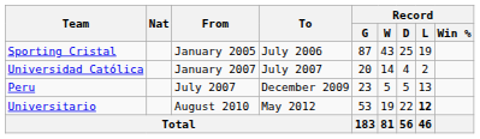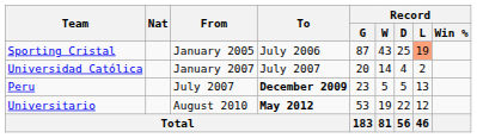 <table class="wikitable" style="text-align: center">
 <tr>
 <th rowspan="2">Team</th>
 <th rowspan="2">Nat</th>
 <th rowspan="2">From</th>
 <th rowspan="2">To</th>
 <th colspan="5">Record</th>
 </tr>
 <tr>
 <th>G</th>
 <th>W</th>
 <th>D</th>
 <th>L</th>
 <th>Win %</th>
 </tr>
 <tr>
 <td align=left><a href='#'>Sporting Cristal</a></td>
 <td></td>
 <td align=left>January 2005</td>
 <td align=left>July 2006</td>
 <td>87</td>
 <td>43</td>
 <td>25</td>
-<td>19</td>
+<td style="background: lightsalmon;">19</td>
 <td></td>
 </tr>
 <tr>
 <td align=left><a href='#'>Universidad Católica</a></td>
 <td></td>
 <td align=left>January 2007</td>
 <td align=left>July 2007</td>
 <td>20</td>
 <td>14</td>
 <td>4</td>
 <td>2</td>
 <td></td>
 </tr>
 <tr>
 <td align=left><a href='#'>Peru</a></td>
 <td></td>
 <td align=left>July 2007</td>
-<td align=left>December 2009</td>
+<td align=left><strong>December 2009</strong></td>
 <td>23</td>
 <td>5</td>
 <td>5</td>
 <td>13</td>
 <td></td>
 </tr>
 <tr>
 <td align=left><a href='#'>Universitario</a></td>
 <td></td>
 <td align=left>August 2010</td>
-<td align=left>May 2012</td>
+<td align=left><strong>May 2012</strong></td>
 <td>53</td>
 <td>19</td>
 <td>22</td>
-<td><strong>12</strong></td>
+<td>12</td>
 <td></td>
 </tr>
 <tr>
 <th colspan="4">Total</th>
 <th>183</th>
 <th>81</th>
 <th>56</th>
 <th>46</th>
 <th></th>
 </tr>
 </table>
